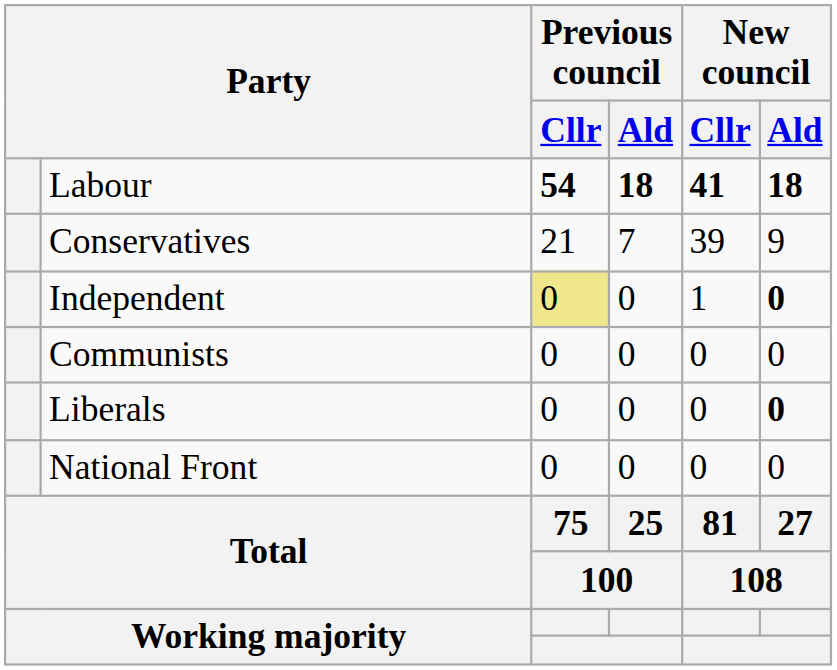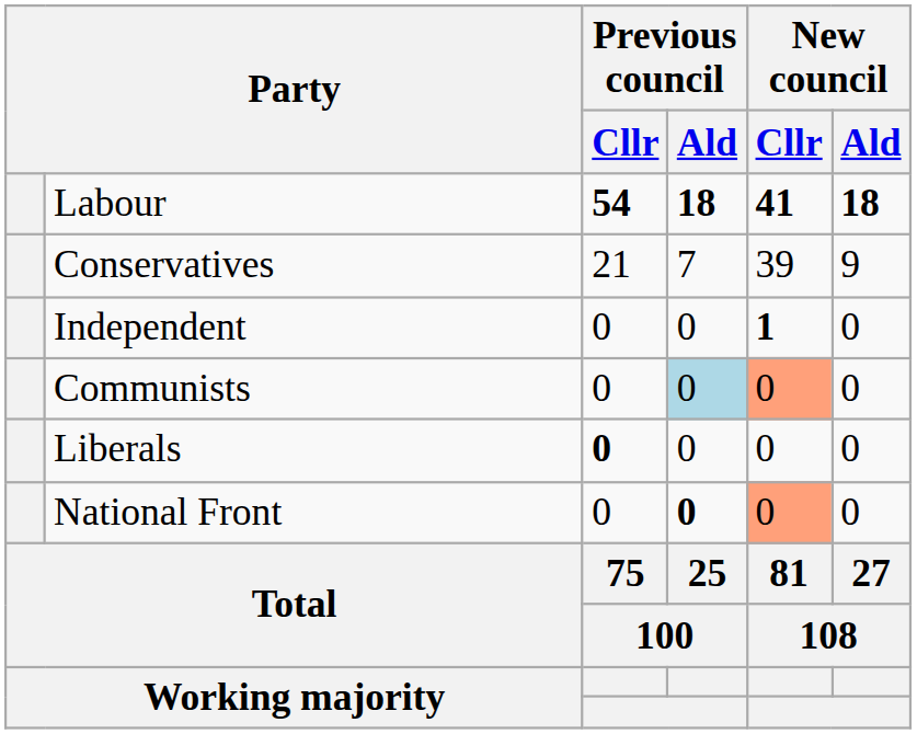 <table class="wikitable">
 <tr>
 <th colspan="2" rowspan="2" style="width: 230px">Party</th>
 <th valign=top colspan="2" style="width: 30px">Previous council</th>
 <th valign=top colspan="2" style="width: 60px">New council</th>
 </tr>
 <tr>
 <th><a href='#'>Cllr</a></th>
 <th><a href='#'>Ald</a></th>
 <th><a href='#'>Cllr</a></th>
 <th><a href='#'>Ald</a></th>
 </tr>
 <tr>
 <th style="background-color: "></th>
 <td>Labour</td>
 <td><strong>54</strong></td>
 <td><strong>18</strong></td>
 <td><strong>41</strong></td>
 <td><strong>18</strong></td>
 </tr>
 <tr>
 <th style="background-color: "></th>
 <td>Conservatives</td>
 <td>21</td>
 <td>7</td>
 <td>39</td>
 <td>9</td>
 </tr>
 <tr>
 <th style="background-color: "></th>
 <td>Independent</td>
-<td style="background: khaki;">0</td>
 <td>0</td>
-<td>1</td>
-<td><strong>0</strong></td>
+<td>0</td>
+<td><strong>1</strong></td>
+<td>0</td>
 </tr>
 <tr>
 <th style="background-color: "></th>
 <td>Communists</td>
 <td>0</td>
+<td style="background: lightblue;">0</td>
+<td style="background: lightsalmon;">0</td>
+<td>0</td>
+</tr>
+<tr>
+<th style="background-color: "></th>
+<td>Liberals</td>
+<td><strong>0</strong></td>
 <td>0</td>
 <td>0</td>
 <td>0</td>
 </tr>
 <tr>
 <th style="background-color: "></th>
-<td>Liberals</td>
-<td>0</td>
-<td>0</td>
+<td>National Front</td>
 <td>0</td>
 <td><strong>0</strong></td>
-</tr>
-<tr>
-<th style="background-color: "></th>
-<td>National Front</td>
-<td>0</td>
-<td>0</td>
-<td>0</td>
+<td style="background: lightsalmon;">0</td>
 <td>0</td>
 </tr>
 <tr>
 <th colspan="2" rowspan="2">Total</th>
 <th style="text-align: center">75</th>
 <th style="text-align: center">25</th>
 <th style="text-align: center">81</th>
 <th style="text-align: center">27</th>
 </tr>
 <tr>
 <th colspan="2" style="text-align: center">100</th>
 <th colspan="2" style="text-align: center">108</th>
 </tr>
 <tr>
 <th colspan="2" rowspan="2">Working majority</th>
 <th></th>
 <th></th>
 <th></th>
 <th></th>
 </tr>
 <tr>
 <th colspan="2"></th>
 <th colspan="2"></th>
 </tr>
 </table>
